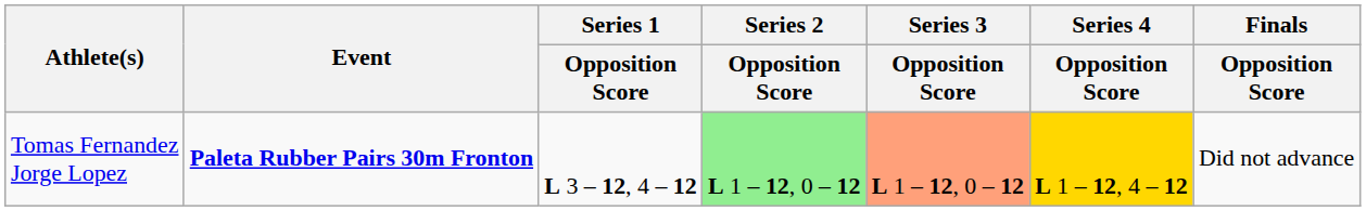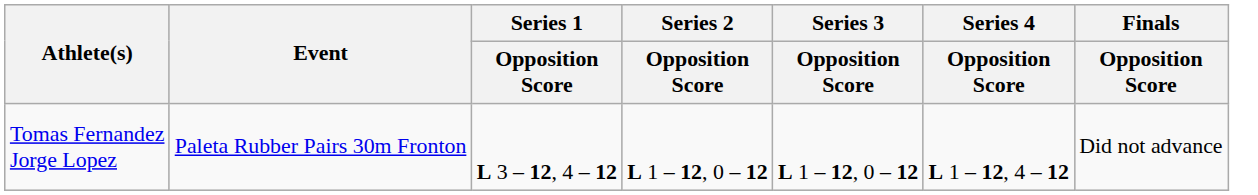 <table class="wikitable" style="font-size:90%">
 <tr>
 <th rowspan="2">Athlete(s)</th>
 <th rowspan="2">Event</th>
 <th>Series 1</th>
 <th>Series 2</th>
 <th>Series 3</th>
 <th>Series 4</th>
 <th>Finals</th>
 </tr>
 <tr>
 <th>Opposition <br> Score</th>
 <th>Opposition <br> Score</th>
 <th>Opposition <br> Score</th>
 <th>Opposition <br> Score</th>
 <th>Opposition <br> Score</th>
 </tr>
 <tr>
 <td><a href='#'>Tomas Fernandez</a><br><a href='#'>Jorge Lopez</a></td>
-<td><strong><a href='#'>Paleta Rubber Pairs 30m Fronton</a></strong></td>
+<td><a href='#'>Paleta Rubber Pairs 30m Fronton</a></td>
 <td align=center><br><br><strong>L</strong> 3 – <strong>12</strong>, 4 – <strong>12</strong></td>
-<td align=center style="background: lightgreen;"><br><br><strong>L</strong> 1 – <strong>12</strong>, 0 – <strong>12</strong></td>
-<td align=center style="background: lightsalmon;"><br><br><strong>L</strong> 1 – <strong>12</strong>, 0 – <strong>12</strong></td>
-<td align=center style="background: gold;"><br><br><strong>L</strong> 1 – <strong>12</strong>, 4 – <strong>12</strong></td>
+<td align=center><br><br><strong>L</strong> 1 – <strong>12</strong>, 0 – <strong>12</strong></td>
+<td align=center><br><br><strong>L</strong> 1 – <strong>12</strong>, 0 – <strong>12</strong></td>
+<td align=center><br><br><strong>L</strong> 1 – <strong>12</strong>, 4 – <strong>12</strong></td>
 <td align="center" colspan="7">Did not advance</td>
 </tr>
 </table>
